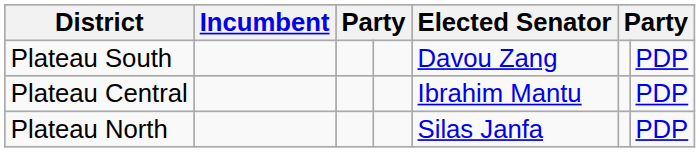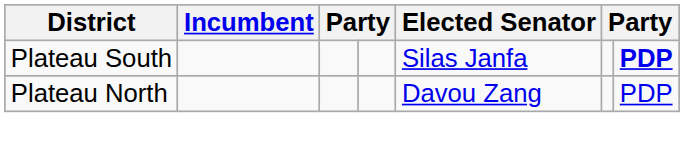 <table class="sortable wikitable" style="font-size:95%;line-height:14px;">
 <tr>
 <th class="unsortable">District</th>
 <th class="unsortable"><a href='#'>Incumbent</a></th>
 <th colspan="2">Party</th>
 <th class="unsortable">Elected Senator</th>
 <th colspan="2">Party</th>
 </tr>
 <tr>
 <td>Plateau South</td>
 <td></td>
 <td></td>
 <td></td>
-<td><a href='#'>Davou Zang</a></td>
+<td><a href='#'>Silas Janfa</a></td>
 <td style="background:"></td>
-<td><a href='#'>PDP</a></td>
-</tr>
-<tr>
-<td>Plateau Central</td>
-<td></td>
-<td></td>
-<td></td>
-<td><a href='#'>Ibrahim Mantu</a></td>
-<td style="background:"></td>
-<td><a href='#'>PDP</a></td>
+<td><strong><a href='#'>PDP</a></strong></td>
 </tr>
 <tr>
 <td>Plateau North</td>
 <td></td>
 <td></td>
 <td></td>
-<td><a href='#'>Silas Janfa</a></td>
+<td><a href='#'>Davou Zang</a></td>
 <td style="background:"></td>
 <td><a href='#'>PDP</a></td>
 </tr>
 </table>
